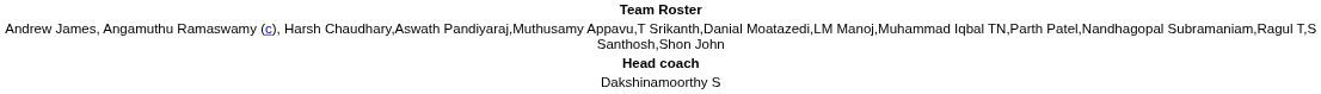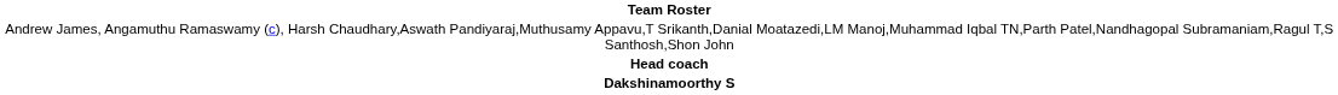 <table style="text-align: center; margin-top: 2em; margin-left: auto; margin-right: auto">
 <tr>
 <td><strong>Team Roster</strong></td>
 </tr>
 <tr>
 <td>Andrew James, Angamuthu Ramaswamy (<a href='#'>c</a>), Harsh Chaudhary,Aswath Pandiyaraj,Muthusamy Appavu,T Srikanth,Danial Moatazedi,LM Manoj,Muhammad Iqbal TN,Parth Patel,Nandhagopal Subramaniam,Ragul T,S Santhosh,Shon John</td>
 </tr>
 <tr>
 <td><strong>Head coach</strong></td>
 </tr>
 <tr>
-<td>Dakshinamoorthy S</td>
+<td><strong>Dakshinamoorthy S</strong></td>
 </tr>
 </table>
